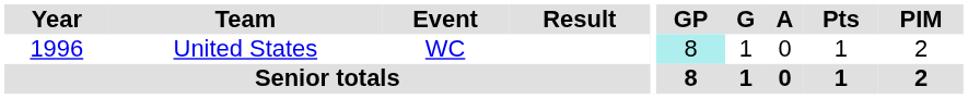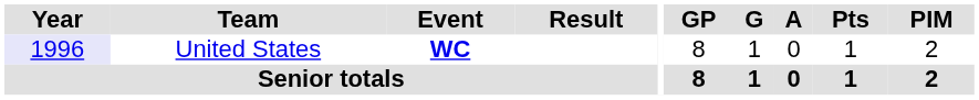 <table border="0" cellpadding="1" cellspacing="0" ID="Table3" style="text-align:center; width:40em">
 <tr ALIGN="center" bgcolor="#e0e0e0">
 <th>Year</th>
 <th>Team</th>
 <th>Event</th>
 <th>Result</th>
 <th rowspan="99" bgcolor="#ffffff"></th>
 <th>GP</th>
 <th>G</th>
 <th>A</th>
 <th>Pts</th>
 <th>PIM</th>
 </tr>
 <tr>
-<td><a href='#'>1996</a></td>
+<td style="background: lavender;"><a href='#'>1996</a></td>
 <td><a href='#'>United States</a></td>
-<td><a href='#'>WC</a></td>
+<td><strong><a href='#'>WC</a></strong></td>
 <td></td>
-<td style="background: paleturquoise;">8</td>
+<td>8</td>
 <td>1</td>
 <td>0</td>
 <td>1</td>
 <td>2</td>
 </tr>
 <tr bgcolor="#e0e0e0">
 <th colspan="4">Senior totals</th>
 <th>8</th>
 <th>1</th>
 <th>0</th>
 <th>1</th>
 <th>2</th>
 </tr>
 </table>
